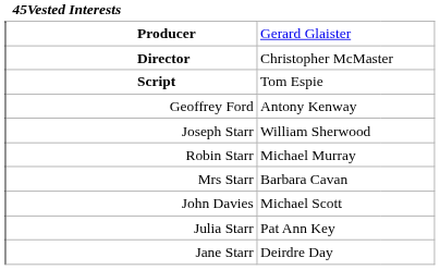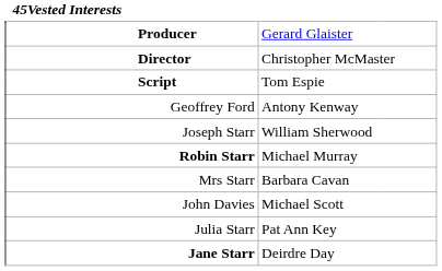 <table class="wikitable mw-collapsible mw-collapsed" style="vertical-align:top;margin:auto 2em;line-height:1.2;min-width:33em;display: inline-table;background-color:inherit;border:none;">
 <tr>
 <td class=unsortable style="border:hidden;line-height:1.67;text-align:center;margin-left:-1em;padding-left:0.5em;min-width:1.0em;"></td>
 <td class=unsortable style="border:none;padding-left:0.5em;text-align:left;min-width:16.5em;font-weight:700;font-style:italic;">45Vested Interests</td>
 <td class=unsortable style="border:none;text-align:right;font-weight:normal;font-family:Courier;font-size:95%;letter-spacing:-1pt;min-width:8.5em;padding-right:0.2em;"></td>
 <td class=unsortable style="border:hidden;min-width:3.5em;padding-left:0;"></td>
 <td class=unsortable style="border:hidden;min-width:3.5em;font-size:95%;"></td>
 </tr>
 <tr>
 <td rowspan=100 style="border:none thin;border-right-style :solid;"></td>
 </tr>
 <tr>
 <td style="text-align:left;padding-left:9.0em;font-weight:bold;">Producer</td>
 <td colspan=2><a href='#'>Gerard Glaister</a></td>
 </tr>
 <tr>
 <td style="text-align:left;padding-left:9.0em;font-weight:bold;">Director</td>
 <td colspan=2>Christopher McMaster</td>
 </tr>
 <tr>
 <td style="text-align:left;padding-left:9.0em;font-weight:bold;">Script</td>
 <td colspan=2>Tom Espie</td>
 </tr>
 <tr>
 <td style="text-align:right;">Geoffrey Ford</td>
 <td colspan=2>Antony Kenway</td>
 </tr>
 <tr>
 <td style="text-align:right;">Joseph Starr</td>
 <td colspan=2>William Sherwood</td>
 </tr>
 <tr>
-<td style="text-align:right;">Robin Starr</td>
+<td style="text-align:right;"><strong>Robin Starr</strong></td>
 <td colspan=2>Michael Murray</td>
 </tr>
 <tr>
 <td style="text-align:right;">Mrs Starr</td>
 <td colspan=2>Barbara Cavan</td>
 </tr>
 <tr>
 <td style="text-align:right;">John Davies</td>
 <td colspan=2>Michael Scott</td>
 </tr>
 <tr>
 <td style="text-align:right;">Julia Starr</td>
 <td colspan=2>Pat Ann Key</td>
 </tr>
 <tr>
-<td style="text-align:right;">Jane Starr</td>
+<td style="text-align:right;"><strong>Jane Starr</strong></td>
 <td colspan=2>Deirdre Day</td>
 </tr>
 </table>
